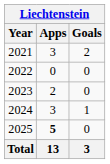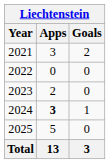 <table class="wikitable" style="text-align:center">
 <tr>
 <th colspan="5"><a href='#'>Liechtenstein</a></th>
 </tr>
 <tr>
 <th>Year</th>
 <th>Apps</th>
 <th>Goals</th>
 </tr>
 <tr>
 <td>2021</td>
 <td>3</td>
 <td>2</td>
 </tr>
 <tr>
 <td>2022</td>
 <td>0</td>
 <td>0</td>
 </tr>
 <tr>
 <td>2023</td>
 <td>2</td>
 <td>0</td>
 </tr>
 <tr>
 <td>2024</td>
-<td>3</td>
+<td><strong>3</strong></td>
 <td>1</td>
 </tr>
 <tr>
 <td>2025</td>
-<td><strong>5</strong></td>
+<td>5</td>
 <td>0</td>
 </tr>
 <tr>
 <th colspan="1">Total</th>
 <th>13</th>
 <th>3</th>
 </tr>
 </table>
